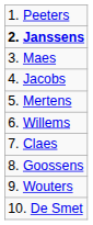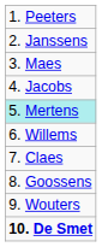 <table class="wikitable">
 <tr>
 <td>1. <a href='#'>Peeters</a></td>
 </tr>
 <tr>
-<td><strong>2. <a href='#'>Janssens</a></strong></td>
+<td>2. <a href='#'>Janssens</a></td>
 </tr>
 <tr>
 <td>3. <a href='#'>Maes</a></td>
 </tr>
 <tr>
 <td>4. <a href='#'>Jacobs</a></td>
 </tr>
 <tr>
-<td>5. <a href='#'>Mertens</a></td>
+<td style="background: paleturquoise;">5. <a href='#'>Mertens</a></td>
 </tr>
 <tr>
 <td>6. <a href='#'>Willems</a></td>
 </tr>
 <tr>
 <td>7. <a href='#'>Claes</a></td>
 </tr>
 <tr>
 <td>8. <a href='#'>Goossens</a></td>
 </tr>
 <tr>
 <td>9. <a href='#'>Wouters</a></td>
 </tr>
 <tr>
-<td>10. <a href='#'>De Smet</a></td>
+<td><strong>10. <a href='#'>De Smet</a></strong></td>
 </tr>
 </table>
